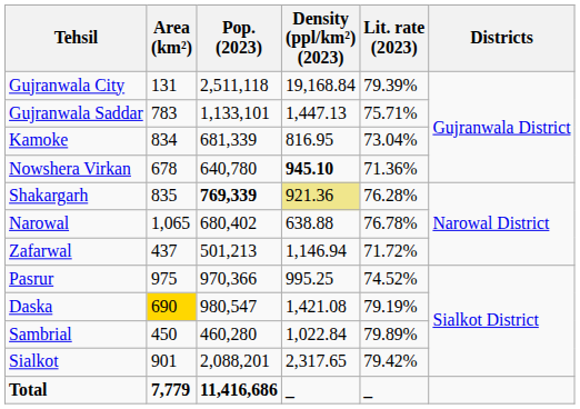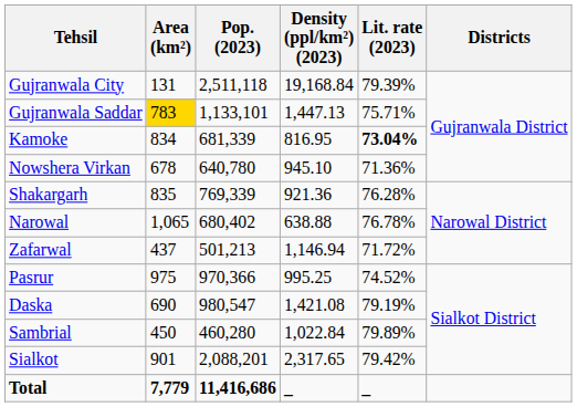 <table class="wikitable sortable static-row-numbers static-row-header-hash">
 <tr>
 <th>Tehsil</th>
 <th>Area<br>(km²)</th>
 <th>Pop.<br>(2023)</th>
 <th>Density<br>(ppl/km²)<br>(2023)</th>
 <th>Lit. rate<br>(2023)</th>
 <th>Districts</th>
 </tr>
 <tr>
 <td><a href='#'>Gujranwala City</a></td>
 <td>131</td>
 <td>2,511,118</td>
 <td>19,168.84</td>
 <td>79.39%</td>
 <td rowspan="4"><a href='#'>Gujranwala District</a></td>
 </tr>
 <tr>
 <td><a href='#'>Gujranwala Saddar</a></td>
-<td>783</td>
+<td style="background: gold;">783</td>
 <td>1,133,101</td>
 <td>1,447.13</td>
 <td>75.71%</td>
 </tr>
 <tr>
 <td><a href='#'>Kamoke</a></td>
 <td>834</td>
 <td>681,339</td>
 <td>816.95</td>
-<td>73.04%</td>
+<td><strong>73.04%</strong></td>
 </tr>
 <tr>
 <td><a href='#'>Nowshera Virkan</a></td>
 <td>678</td>
 <td>640,780</td>
-<td><strong>945.10</strong></td>
+<td>945.10</td>
 <td>71.36%</td>
 </tr>
 <tr>
 <td><a href='#'>Shakargarh</a></td>
 <td>835</td>
-<td><strong>769,339</strong></td>
-<td style="background: khaki;">921.36</td>
+<td>769,339</td>
+<td>921.36</td>
 <td>76.28%</td>
 <td rowspan="3"><a href='#'>Narowal District</a></td>
 </tr>
 <tr>
 <td><a href='#'>Narowal</a></td>
 <td>1,065</td>
 <td>680,402</td>
 <td>638.88</td>
 <td>76.78%</td>
 </tr>
 <tr>
 <td><a href='#'>Zafarwal</a></td>
 <td>437</td>
 <td>501,213</td>
 <td>1,146.94</td>
 <td>71.72%</td>
 </tr>
 <tr>
 <td><a href='#'>Pasrur</a></td>
 <td>975</td>
 <td>970,366</td>
 <td>995.25</td>
 <td>74.52%</td>
 <td rowspan="4"><a href='#'>Sialkot District</a></td>
 </tr>
 <tr>
 <td><a href='#'>Daska</a></td>
-<td style="background: gold;">690</td>
+<td>690</td>
 <td>980,547</td>
 <td>1,421.08</td>
 <td>79.19%</td>
 </tr>
 <tr>
 <td><a href='#'>Sambrial</a></td>
 <td>450</td>
 <td>460,280</td>
 <td>1,022.84</td>
 <td>79.89%</td>
 </tr>
 <tr>
 <td><a href='#'>Sialkot</a></td>
 <td>901</td>
 <td>2,088,201</td>
 <td>2,317.65</td>
 <td>79.42%</td>
 </tr>
 <tr>
 <td><strong>Total</strong></td>
 <td><strong>7,779</strong></td>
 <td><strong>11,416,686</strong></td>
 <td><strong>_</strong></td>
 <td><strong>_</strong></td>
 <td></td>
 </tr>
 </table>
